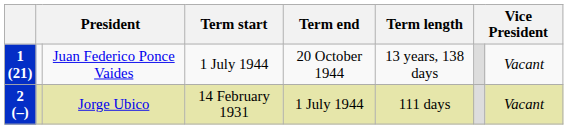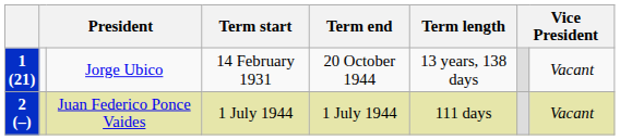 <table class="wikitable" style="text-align:center">
 <tr>
 <th></th>
 <th colspan=2>President</th>
 <th>Term start</th>
 <th>Term end</th>
 <th>Term length</th>
 <th colspan=2>Vice President</th>
 </tr>
 <tr>
 <th style="background:#042EC6; color:white">1<br>(21)</th>
 <td></td>
-<td><a href='#'>Juan Federico Ponce Vaides</a><br></td>
-<td>1 July 1944</td>
+<td><a href='#'>Jorge Ubico</a><br></td>
+<td>14 February 1931</td>
 <td>20 October 1944</td>
 <td>13 years, 138 days</td>
 <th style="background:#DDDDDD; color:white"></th>
 <td><em>Vacant</em></td>
 </tr>
 <tr style="background:#E6E6AA">
 <th style="background:#042EC6; color:white">2<br>(–)</th>
 <td></td>
-<td><a href='#'>Jorge Ubico</a><br></td>
-<td>14 February 1931</td>
+<td><a href='#'>Juan Federico Ponce Vaides</a><br></td>
+<td>1 July 1944</td>
 <td>1 July 1944</td>
 <td>111 days</td>
 <th style="background:#DDDDDD; color:white"></th>
 <td><em>Vacant</em></td>
 </tr>
 </table>
